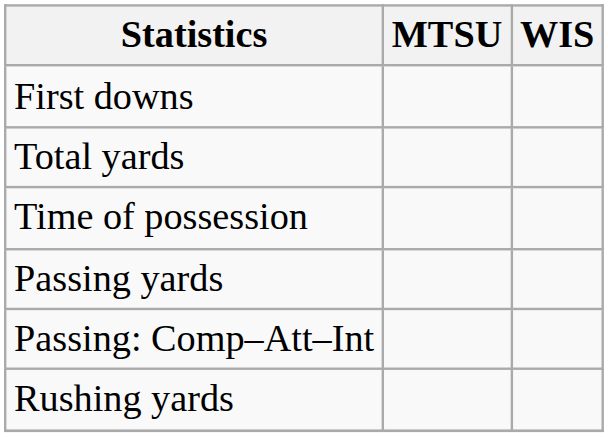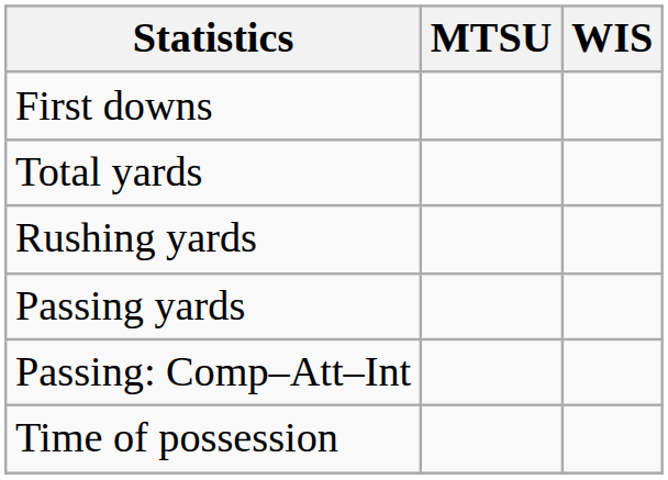 <table class="wikitable" style="float: left;">
 <tr>
 <th>Statistics</th>
 <th>MTSU</th>
 <th>WIS</th>
 </tr>
 <tr>
 <td>First downs</td>
 <td></td>
 <td></td>
 </tr>
 <tr>
 <td>Total yards</td>
 <td></td>
 <td></td>
 </tr>
 <tr>
-<td>Time of possession</td>
+<td>Rushing yards</td>
 <td></td>
 <td></td>
 </tr>
 <tr>
 <td>Passing yards</td>
 <td></td>
 <td></td>
 </tr>
 <tr>
 <td>Passing: Comp–Att–Int</td>
 <td></td>
 <td></td>
 </tr>
 <tr>
-<td>Rushing yards</td>
+<td>Time of possession</td>
 <td></td>
 <td></td>
 </tr>
 <tr>
 </tr>
 </table>
